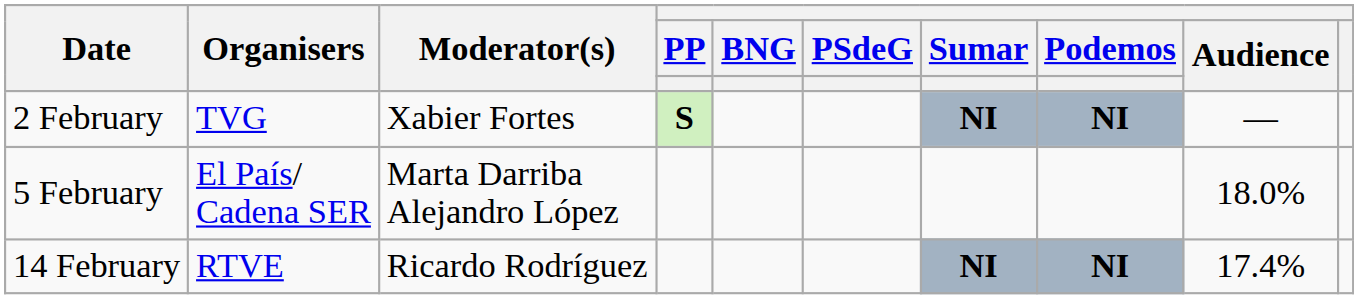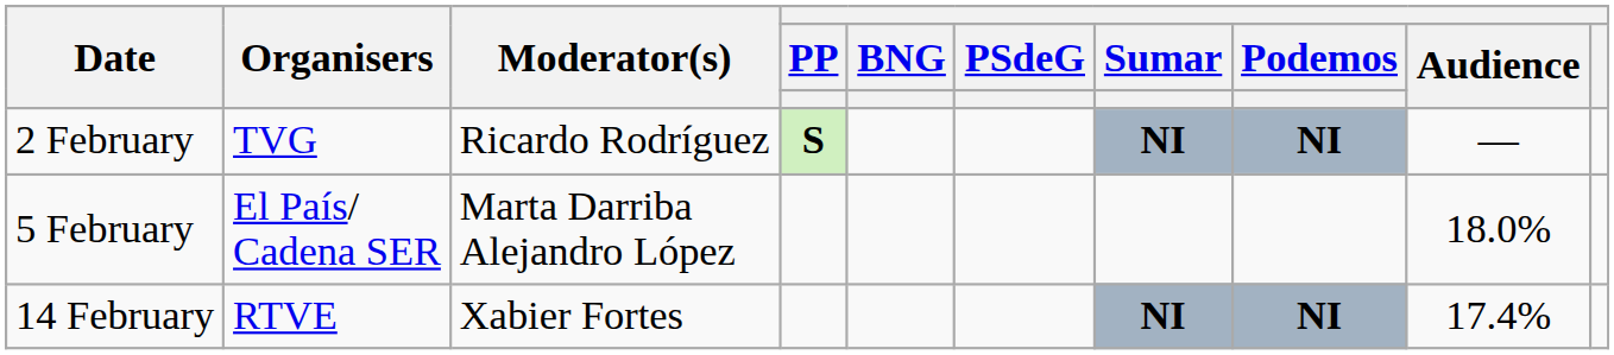 <table class="wikitable" style="text-align:center;">
 <tr>
 <th rowspan="3">Date</th>
 <th rowspan="3">Organisers</th>
 <th rowspan="3">Moderator(s)</th>
 <th colspan="9">      </th>
 </tr>
 <tr>
 <th scope="col" style="width:5em;"><a href='#'>PP</a></th>
 <th scope="col" style="width:5em;"><a href='#'>BNG</a></th>
 <th scope="col" style="width:5em;"><a href='#'>PSdeG</a></th>
 <th scope="col" style="width:5em;"><a href='#'>Sumar</a></th>
 <th scope="col" style="width:5em;"><a href='#'>Podemos</a></th>
 <th rowspan="2" scope="col" style="width:5em;">Audience</th>
 <th rowspan="2"></th>
 </tr>
 <tr>
 <th style="color:inherit;background:"></th>
 <th style="color:inherit;background:"></th>
 <th style="color:inherit;background:"></th>
 <th style="color:inherit;background:"></th>
 <th style="color:inherit;background:"></th>
 </tr>
 <tr>
 <td style="white-space:nowrap; text-align:left;">2 February</td>
 <td style="white-space:nowrap; text-align:left;"><a href='#'>TVG</a></td>
-<td style="white-space:nowrap; text-align:left;">Xabier Fortes</td>
+<td style="white-space:nowrap; text-align:left;">Ricardo Rodríguez</td>
 <td style="background:#D0F0C0;"><strong>S</strong><br></td>
 <td></td>
 <td></td>
 <td style="background:#A2B2C2;"><strong>NI</strong></td>
 <td style="background:#A2B2C2;"><strong>NI</strong></td>
 <td>—</td>
 <td></td>
 </tr>
 <tr>
 <td style="white-space:nowrap; text-align:left;">5 February</td>
 <td style="white-space:nowrap; text-align:left;"><a href='#'>El País</a>/<br><a href='#'>Cadena SER</a></td>
 <td style="white-space:nowrap; text-align:left;">Marta Darriba<br>Alejandro López</td>
 <td></td>
 <td></td>
 <td></td>
 <td></td>
 <td></td>
 <td>18.0%</td>
 <td><br></td>
 </tr>
 <tr>
 <td style="white-space:nowrap; text-align:left;">14 February</td>
 <td style="white-space:nowrap; text-align:left;"><a href='#'>RTVE</a></td>
-<td style="white-space:nowrap; text-align:left;">Ricardo Rodríguez</td>
+<td style="white-space:nowrap; text-align:left;">Xabier Fortes</td>
 <td></td>
 <td></td>
 <td></td>
 <td style="background:#A2B2C2;"><strong>NI</strong></td>
 <td style="background:#A2B2C2;"><strong>NI</strong></td>
 <td>17.4%</td>
 <td><br></td>
 </tr>
 </table>
